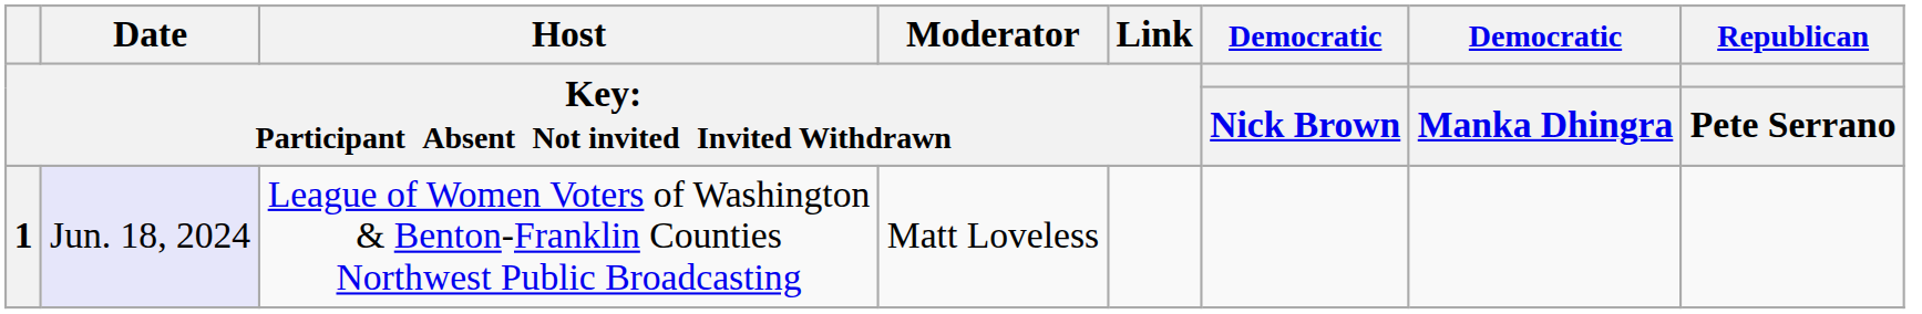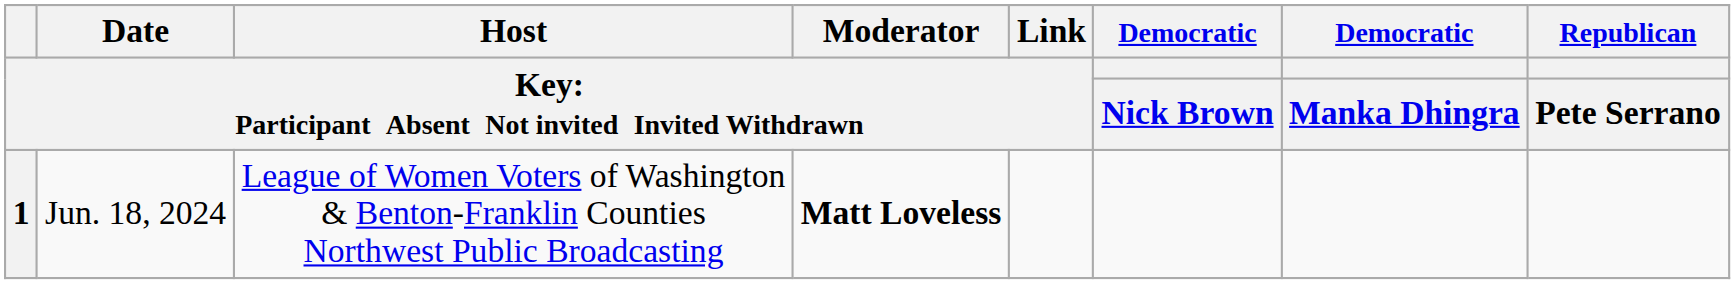 <table class="wikitable" style="text-align:center;">
 <tr>
 <th scope="col"></th>
 <th scope="col">Date</th>
 <th scope="col">Host</th>
 <th scope="col">Moderator</th>
 <th scope="col">Link</th>
 <th scope="col"><small><a href='#'>Democratic</a></small></th>
 <th scope="col"><small><a href='#'>Democratic</a></small></th>
 <th scope="col"><small><a href='#'>Republican</a></small></th>
 </tr>
 <tr>
 <th colspan="5" rowspan="2">Key:<br> <small>Participant </small>  <small>Absent </small>  <small>Not invited </small>  <small>Invited  Withdrawn</small></th>
 <th scope="col" style="background:"></th>
 <th scope="col" style="background:"></th>
 <th scope="col" style="background:"></th>
 </tr>
 <tr>
 <th scope="col"><a href='#'>Nick Brown</a></th>
 <th scope="col"><a href='#'>Manka Dhingra</a></th>
 <th scope="col">Pete Serrano</th>
 </tr>
 <tr>
 <th>1</th>
-<td style="background: lavender; white-space:nowrap;">Jun. 18, 2024</td>
+<td style="white-space:nowrap;">Jun. 18, 2024</td>
 <td style="white-space:nowrap;"><a href='#'>League of Women Voters</a> of Washington<br>& <a href='#'>Benton</a>-<a href='#'>Franklin</a> Counties<br><a href='#'>Northwest Public Broadcasting</a></td>
-<td style="white-space:nowrap;">Matt Loveless</td>
+<td style="white-space:nowrap;"><strong>Matt Loveless</strong></td>
 <td style="white-space:nowrap;"></td>
 <td></td>
 <td></td>
 <td></td>
 </tr>
 </table>
